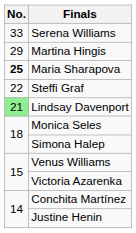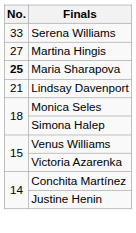 <table class="wikitable" style="text-align:center; display:inline-table">
 <tr>
 <th scope="col">No.</th>
 <th scope="col">Finals</th>
 </tr>
 <tr>
 <td>33</td>
 <td style="text-align:left"> Serena Williams</td>
 </tr>
 <tr>
-<td>29</td>
+<td>27</td>
 <td style="text-align:left"> Martina Hingis</td>
 </tr>
 <tr>
 <td><strong>25</strong></td>
 <td style="text-align:left"> Maria Sharapova</td>
 </tr>
 <tr>
-<td>22</td>
-<td style="text-align:left"> Steffi Graf</td>
-</tr>
-<tr>
-<td style="background: lightgreen;">21</td>
+<td>21</td>
 <td style="text-align:left"> Lindsay Davenport</td>
 </tr>
 <tr>
 <td rowspan="2">18</td>
 <td style="text-align:left"> Monica Seles</td>
 </tr>
 <tr>
 <td style="text-align:left"> Simona Halep</td>
 </tr>
 <tr>
 <td rowspan="2">15</td>
 <td style="text-align:left"> Venus Williams</td>
 </tr>
 <tr>
 <td style="text-align:left"> Victoria Azarenka</td>
 </tr>
 <tr>
 <td rowspan="2">14</td>
 <td style="text-align:left"> Conchita Martínez</td>
 </tr>
 <tr>
 <td style="text-align:left"> Justine Henin<br></td>
 </tr>
 </table>
